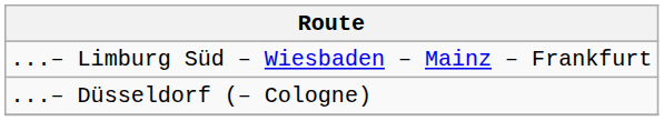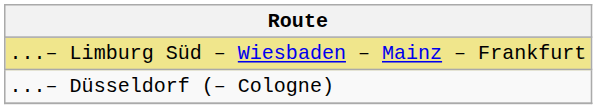 <table class="wikitable">
 <tr class="hintergrundfarbe5">
 <th>Route</th>
 </tr>
 <tr>
-<td>...– Limburg Süd – <a href='#'>Wiesbaden</a> – <a href='#'>Mainz</a> –  Frankfurt</td>
+<td style="background: khaki;">...– Limburg Süd – <a href='#'>Wiesbaden</a> – <a href='#'>Mainz</a> –  Frankfurt</td>
 </tr>
 <tr>
 <td>...– Düsseldorf (– Cologne)</td>
 </tr>
 <tr>
 </tr>
 </table>
